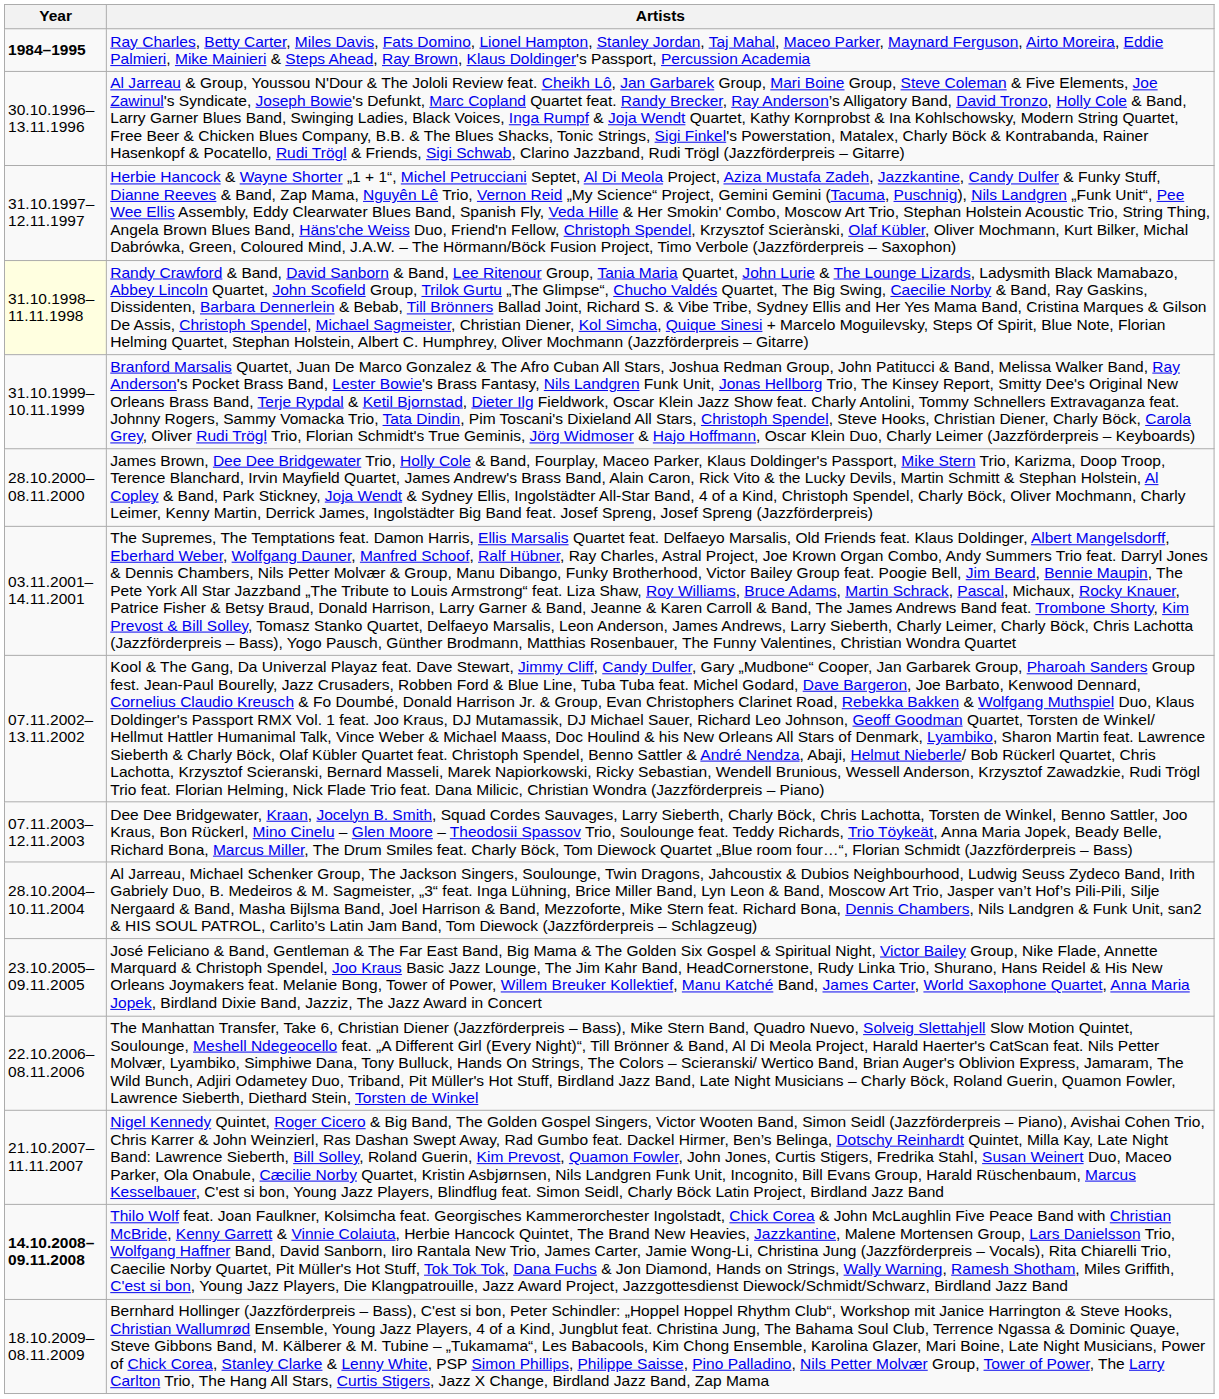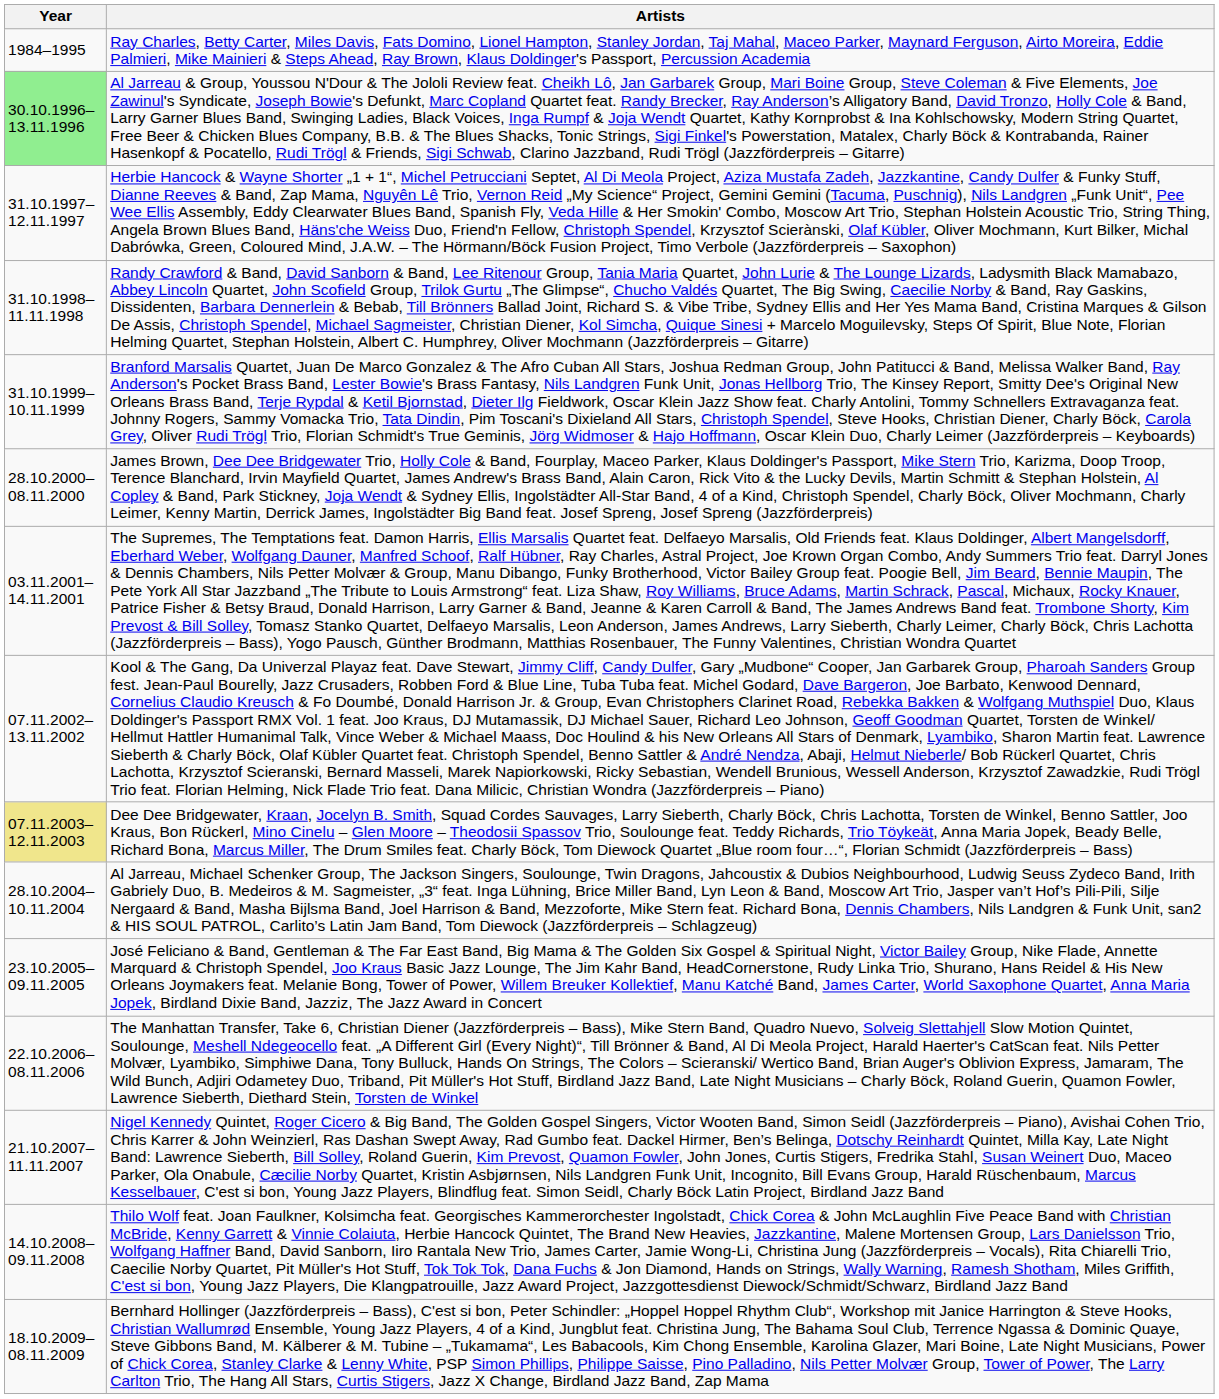 <table class="wikitable">
 <tr class="hintergrundfarbe5">
 <th>Year</th>
 <th>Artists</th>
 </tr>
 <tr>
-<td><strong>1984–1995</strong></td>
+<td>1984–1995</td>
 <td><a href='#'>Ray Charles</a>, <a href='#'>Betty Carter</a>, <a href='#'>Miles Davis</a>, <a href='#'>Fats Domino</a>, <a href='#'>Lionel Hampton</a>, <a href='#'>Stanley Jordan</a>, <a href='#'>Taj Mahal</a>, <a href='#'>Maceo Parker</a>, <a href='#'>Maynard Ferguson</a>, <a href='#'>Airto Moreira</a>, <a href='#'>Eddie Palmieri</a>, <a href='#'>Mike Mainieri</a> & <a href='#'>Steps Ahead</a>, <a href='#'>Ray Brown</a>, <a href='#'>Klaus Doldinger</a>'s Passport, <a href='#'>Percussion Academia</a></td>
 </tr>
 <tr>
-<td>30.10.1996–13.11.1996</td>
+<td style="background: lightgreen;">30.10.1996–13.11.1996</td>
 <td><a href='#'>Al Jarreau</a> & Group, Youssou N'Dour & The Jololi Review feat. <a href='#'>Cheikh Lô</a>, <a href='#'>Jan Garbarek</a> Group, <a href='#'>Mari Boine</a> Group, <a href='#'>Steve Coleman</a> & Five Elements, <a href='#'>Joe Zawinul</a>'s Syndicate, <a href='#'>Joseph Bowie</a>'s Defunkt, <a href='#'>Marc Copland</a> Quartet feat. <a href='#'>Randy Brecker</a>, <a href='#'>Ray Anderson</a>’s Alligatory Band, <a href='#'>David Tronzo</a>, <a href='#'>Holly Cole</a> & Band, Larry Garner Blues Band, Swinging Ladies, Black Voices, <a href='#'>Inga Rumpf</a> & <a href='#'>Joja Wendt</a> Quartet, Kathy Kornprobst & Ina Kohlschowsky, Modern String Quartet, Free Beer & Chicken Blues Company, B.B. & The Blues Shacks, Tonic Strings, <a href='#'>Sigi Finkel</a>'s Powerstation, Matalex, Charly Böck & Kontrabanda, Rainer Hasenkopf & Pocatello, <a href='#'>Rudi Trögl</a> & Friends, <a href='#'>Sigi Schwab</a>, Clarino Jazzband, Rudi Trögl (Jazzförderpreis – Gitarre)</td>
 </tr>
 <tr>
 <td>31.10.1997–12.11.1997</td>
 <td><a href='#'>Herbie Hancock</a> & <a href='#'>Wayne Shorter</a> „1 + 1“, <a href='#'>Michel Petrucciani</a> Septet, <a href='#'>Al Di Meola</a> Project, <a href='#'>Aziza Mustafa Zadeh</a>, <a href='#'>Jazzkantine</a>, <a href='#'>Candy Dulfer</a> & Funky Stuff, <a href='#'>Dianne Reeves</a> & Band, Zap Mama, <a href='#'>Nguyên Lê</a> Trio, <a href='#'>Vernon Reid</a> „My Science“ Project, Gemini Gemini (<a href='#'>Tacuma</a>, <a href='#'>Puschnig</a>), <a href='#'>Nils Landgren</a> „Funk Unit“, <a href='#'>Pee Wee Ellis</a> Assembly, Eddy Clearwater Blues Band, Spanish Fly, <a href='#'>Veda Hille</a> & Her Smokin' Combo, Moscow Art Trio, Stephan Holstein Acoustic Trio, String Thing, Angela Brown Blues Band, <a href='#'>Häns'che Weiss</a> Duo, Friend'n Fellow, <a href='#'>Christoph Spendel</a>, Krzysztof Scierànski, <a href='#'>Olaf Kübler</a>, Oliver Mochmann, Kurt Bilker, Michal Dabrówka, Green, Coloured Mind, J.A.W. – The Hörmann/Böck Fusion Project, Timo Verbole (Jazzförderpreis – Saxophon)</td>
 </tr>
 <tr>
-<td style="background: lightyellow;">31.10.1998–11.11.1998</td>
+<td>31.10.1998–11.11.1998</td>
 <td><a href='#'>Randy Crawford</a> & Band, <a href='#'>David Sanborn</a> & Band, <a href='#'>Lee Ritenour</a> Group, <a href='#'>Tania Maria</a> Quartet, <a href='#'>John Lurie</a> & <a href='#'>The Lounge Lizards</a>, Ladysmith Black Mamabazo, <a href='#'>Abbey Lincoln</a> Quartet, <a href='#'>John Scofield</a> Group, <a href='#'>Trilok Gurtu</a> „The Glimpse“, <a href='#'>Chucho Valdés</a> Quartet, The Big Swing, <a href='#'>Caecilie Norby</a> & Band, Ray Gaskins, Dissidenten, <a href='#'>Barbara Dennerlein</a> & Bebab, <a href='#'>Till Brönners</a> Ballad Joint, Richard S. & Vibe Tribe, Sydney Ellis and Her Yes Mama Band, Cristina Marques & Gilson De Assis, <a href='#'>Christoph Spendel</a>, <a href='#'>Michael Sagmeister</a>, Christian Diener, <a href='#'>Kol Simcha</a>, <a href='#'>Quique Sinesi</a> + Marcelo Moguilevsky, Steps Of Spirit, Blue Note, Florian Helming Quartet, Stephan Holstein, Albert C. Humphrey, Oliver Mochmann (Jazzförderpreis – Gitarre)</td>
 </tr>
 <tr>
 <td>31.10.1999–10.11.1999</td>
 <td><a href='#'>Branford Marsalis</a> Quartet, Juan De Marco Gonzalez & The Afro Cuban All Stars, Joshua Redman Group, John Patitucci & Band, Melissa Walker Band, <a href='#'>Ray Anderson</a>'s Pocket Brass Band, <a href='#'>Lester Bowie</a>'s Brass Fantasy, <a href='#'>Nils Landgren</a> Funk Unit, <a href='#'>Jonas Hellborg</a> Trio, The Kinsey Report, Smitty Dee's Original New Orleans Brass Band, <a href='#'>Terje Rypdal</a> & <a href='#'>Ketil Bjornstad</a>, <a href='#'>Dieter Ilg</a> Fieldwork, Oscar Klein Jazz Show feat. Charly Antolini, Tommy Schnellers Extravaganza feat. Johnny Rogers, Sammy Vomacka Trio, <a href='#'>Tata Dindin</a>, Pim Toscani's Dixieland All Stars, <a href='#'>Christoph Spendel</a>, Steve Hooks, Christian Diener, Charly Böck, <a href='#'>Carola Grey</a>, Oliver <a href='#'>Rudi Trögl</a> Trio, Florian Schmidt's True Geminis, <a href='#'>Jörg Widmoser</a> & <a href='#'>Hajo Hoffmann</a>, Oscar Klein Duo, Charly Leimer (Jazzförderpreis – Keyboards)</td>
 </tr>
 <tr>
 <td>28.10.2000–08.11.2000</td>
 <td>James Brown, <a href='#'>Dee Dee Bridgewater</a> Trio, <a href='#'>Holly Cole</a> & Band, Fourplay, Maceo Parker, Klaus Doldinger's Passport, <a href='#'>Mike Stern</a> Trio, Karizma, Doop Troop, Terence Blanchard, Irvin Mayfield Quartet, James Andrew's Brass Band, Alain Caron, Rick Vito & the Lucky Devils, Martin Schmitt & Stephan Holstein, <a href='#'>Al Copley</a> & Band, Park Stickney, <a href='#'>Joja Wendt</a> & Sydney Ellis, Ingolstädter All-Star Band, 4 of a Kind, Christoph Spendel, Charly Böck, Oliver Mochmann, Charly Leimer, Kenny Martin, Derrick James, Ingolstädter Big Band feat. Josef Spreng, Josef Spreng (Jazzförderpreis)</td>
 </tr>
 <tr>
 <td>03.11.2001–14.11.2001</td>
 <td>The Supremes, The Temptations feat. Damon Harris, <a href='#'>Ellis Marsalis</a> Quartet feat. Delfaeyo Marsalis, Old Friends feat. Klaus Doldinger, <a href='#'>Albert Mangelsdorff</a>, <a href='#'>Eberhard Weber</a>, <a href='#'>Wolfgang Dauner</a>, <a href='#'>Manfred Schoof</a>, <a href='#'>Ralf Hübner</a>, Ray Charles, Astral Project, Joe Krown Organ Combo, Andy Summers Trio feat. Darryl Jones & Dennis Chambers, Nils Petter Molvær & Group, Manu Dibango, Funky Brotherhood, Victor Bailey Group feat. Poogie Bell, <a href='#'>Jim Beard</a>, <a href='#'>Bennie Maupin</a>, The Pete York All Star Jazzband „The Tribute to Louis Armstrong“ feat. Liza Shaw, <a href='#'>Roy Williams</a>, <a href='#'>Bruce Adams</a>, <a href='#'>Martin Schrack</a>, <a href='#'>Pascal</a>, Michaux, <a href='#'>Rocky Knauer</a>, Patrice Fisher & Betsy Braud, Donald Harrison, Larry Garner & Band, Jeanne & Karen Carroll & Band, The James Andrews Band feat. <a href='#'>Trombone Shorty</a>, <a href='#'>Kim Prevost & Bill Solley</a>, Tomasz Stanko Quartet, Delfaeyo Marsalis, Leon Anderson, James Andrews, Larry Sieberth, Charly Leimer, Charly Böck, Chris Lachotta (Jazzförderpreis – Bass), Yogo Pausch, Günther Brodmann, Matthias Rosenbauer, The Funny Valentines, Christian Wondra Quartet</td>
 </tr>
 <tr>
 <td>07.11.2002–13.11.2002</td>
 <td>Kool & The Gang, Da Univerzal Playaz feat. Dave Stewart, <a href='#'>Jimmy Cliff</a>, <a href='#'>Candy Dulfer</a>, Gary „Mudbone“ Cooper, Jan Garbarek Group, <a href='#'>Pharoah Sanders</a> Group fest. Jean-Paul Bourelly, Jazz Crusaders, Robben Ford & Blue Line, Tuba Tuba feat. Michel Godard, <a href='#'>Dave Bargeron</a>, Joe Barbato, Kenwood Dennard, <a href='#'>Cornelius Claudio Kreusch</a> & Fo Doumbé, Donald Harrison Jr. & Group, Evan Christophers Clarinet Road, <a href='#'>Rebekka Bakken</a> & <a href='#'>Wolfgang Muthspiel</a> Duo, Klaus Doldinger's Passport RMX Vol. 1 feat. Joo Kraus, DJ Mutamassik, DJ Michael Sauer, Richard Leo Johnson, <a href='#'>Geoff Goodman</a> Quartet, Torsten de Winkel/ Hellmut Hattler Humanimal Talk, Vince Weber & Michael Maass, Doc Houlind & his New Orleans All Stars of Denmark, <a href='#'>Lyambiko</a>, Sharon Martin feat. Lawrence Sieberth & Charly Böck, Olaf Kübler Quartet feat. Christoph Spendel, Benno Sattler & <a href='#'>André Nendza</a>, Abaji, <a href='#'>Helmut Nieberle</a>/ Bob Rückerl Quartet, Chris Lachotta, Krzysztof Scieranski, Bernard Masseli, Marek Napiorkowski, Ricky Sebastian, Wendell Brunious, Wessell Anderson, Krzysztof Zawadzkie, Rudi Trögl Trio feat. Florian Helming, Nick Flade Trio feat. Dana Milicic, Christian Wondra (Jazzförderpreis – Piano)</td>
 </tr>
 <tr>
-<td>07.11.2003–12.11.2003</td>
+<td style="background: khaki;">07.11.2003–12.11.2003</td>
 <td>Dee Dee Bridgewater, <a href='#'>Kraan</a>, <a href='#'>Jocelyn B. Smith</a>, Squad Cordes Sauvages, Larry Sieberth, Charly Böck, Chris Lachotta, Torsten de Winkel, Benno Sattler, Joo Kraus, Bon Rückerl, <a href='#'>Mino Cinelu</a> – <a href='#'>Glen Moore</a> – <a href='#'>Theodosii Spassov</a> Trio, Soulounge feat. Teddy Richards, <a href='#'>Trio Töykeät</a>, Anna Maria Jopek, Beady Belle, Richard Bona, <a href='#'>Marcus Miller</a>, The Drum Smiles feat. Charly Böck, Tom Diewock Quartet „Blue room four…“, Florian Schmidt (Jazzförderpreis – Bass)</td>
 </tr>
 <tr>
 <td>28.10.2004–10.11.2004</td>
 <td>Al Jarreau, Michael Schenker Group, The Jackson Singers, Soulounge, Twin Dragons, Jahcoustix & Dubios Neighbourhood, Ludwig Seuss Zydeco Band, Irith Gabriely Duo, B. Medeiros & M. Sagmeister, „3“ feat. Inga Lühning, Brice Miller Band, Lyn Leon & Band, Moscow Art Trio, Jasper van’t Hof’s Pili-Pili, Silje Nergaard & Band, Masha Bijlsma Band, Joel Harrison & Band, Mezzoforte, Mike Stern feat. Richard Bona, <a href='#'>Dennis Chambers</a>, Nils Landgren & Funk Unit, san2 & HIS SOUL PATROL, Carlito’s Latin Jam Band, Tom Diewock (Jazzförderpreis – Schlagzeug)</td>
 </tr>
 <tr>
 <td>23.10.2005–09.11.2005</td>
 <td>José Feliciano & Band, Gentleman & The Far East Band, Big Mama & The Golden Six Gospel & Spiritual Night, <a href='#'>Victor Bailey</a> Group, Nike Flade, Annette Marquard & Christoph Spendel, <a href='#'>Joo Kraus</a> Basic Jazz Lounge, The Jim Kahr Band, HeadCornerstone, Rudy Linka Trio, Shurano, Hans Reidel & His New Orleans Joymakers feat. Melanie Bong, Tower of Power, <a href='#'>Willem Breuker Kollektief</a>, <a href='#'>Manu Katché</a> Band, <a href='#'>James Carter</a>, <a href='#'>World Saxophone Quartet</a>, <a href='#'>Anna Maria Jopek</a>, Birdland Dixie Band, Jazziz, The Jazz Award in Concert</td>
 </tr>
 <tr>
 <td>22.10.2006–08.11.2006</td>
 <td>The Manhattan Transfer, Take 6, Christian Diener (Jazzförderpreis – Bass), Mike Stern Band, Quadro Nuevo, <a href='#'>Solveig Slettahjell</a> Slow Motion Quintet, Soulounge, <a href='#'>Meshell Ndegeocello</a> feat. „A Different Girl (Every Night)“, Till Brönner & Band, Al Di Meola Project, Harald Haerter's CatScan feat. Nils Petter Molvær, Lyambiko, Simphiwe Dana, Tony Bulluck, Hands On Strings, The Colors – Scieranski/ Wertico Band, Brian Auger's Oblivion Express, Jamaram, The Wild Bunch, Adjiri Odametey Duo, Triband, Pit Müller's Hot Stuff, Birdland Jazz Band, Late Night Musicians – Charly Böck, Roland Guerin, Quamon Fowler, Lawrence Sieberth, Diethard Stein, <a href='#'>Torsten de Winkel</a></td>
 </tr>
 <tr>
 <td>21.10.2007–11.11.2007</td>
 <td><a href='#'>Nigel Kennedy</a> Quintet, <a href='#'>Roger Cicero</a> & Big Band, The Golden Gospel Singers, Victor Wooten Band, Simon Seidl (Jazzförderpreis – Piano), Avishai Cohen Trio, Chris Karrer & John Weinzierl, Ras Dashan Swept Away, Rad Gumbo feat. Dackel Hirmer, Ben’s Belinga, <a href='#'>Dotschy Reinhardt</a> Quintet, Milla Kay, Late Night Band: Lawrence Sieberth, <a href='#'>Bill Solley</a>, Roland Guerin, <a href='#'>Kim Prevost</a>, <a href='#'>Quamon Fowler</a>, John Jones, Curtis Stigers, Fredrika Stahl, <a href='#'>Susan Weinert</a> Duo, Maceo Parker, Ola Onabule, <a href='#'>Cæcilie Norby</a> Quartet, Kristin Asbjørnsen, Nils Landgren Funk Unit, Incognito, Bill Evans Group, Harald Rüschenbaum, <a href='#'>Marcus Kesselbauer</a>, C'est si bon, Young Jazz Players, Blindflug feat. Simon Seidl, Charly Böck Latin Project, Birdland Jazz Band</td>
 </tr>
 <tr>
-<td><strong>14.10.2008–09.11.2008</strong></td>
+<td>14.10.2008–09.11.2008</td>
 <td><a href='#'>Thilo Wolf</a> feat. Joan Faulkner, Kolsimcha feat. Georgisches Kammerorchester Ingolstadt, <a href='#'>Chick Corea</a> & John McLaughlin Five Peace Band with <a href='#'>Christian McBride</a>, <a href='#'>Kenny Garrett</a> & <a href='#'>Vinnie Colaiuta</a>, Herbie Hancock Quintet, The Brand New Heavies, <a href='#'>Jazzkantine</a>, Malene Mortensen Group, <a href='#'>Lars Danielsson</a> Trio, <a href='#'>Wolfgang Haffner</a> Band, David Sanborn, Iiro Rantala New Trio, James Carter, Jamie Wong-Li, Christina Jung (Jazzförderpreis – Vocals), Rita Chiarelli Trio, Caecilie Norby Quartet, Pit Müller's Hot Stuff, <a href='#'>Tok Tok Tok</a>, <a href='#'>Dana Fuchs</a> & Jon Diamond, Hands on Strings, <a href='#'>Wally Warning</a>, <a href='#'>Ramesh Shotham</a>, Miles Griffith, <a href='#'>C'est si bon</a>, Young Jazz Players, Die Klangpatrouille, Jazz Award Project, Jazzgottesdienst Diewock/Schmidt/Schwarz, Birdland Jazz Band</td>
 </tr>
 <tr>
 <td>18.10.2009–08.11.2009</td>
 <td>Bernhard Hollinger (Jazzförderpreis – Bass), C'est si bon, Peter Schindler: „Hoppel Hoppel Rhythm Club“, Workshop mit Janice Harrington & Steve Hooks, <a href='#'>Christian Wallumrød</a> Ensemble, Young Jazz Players, 4 of a Kind, Jungblut feat. Christina Jung, The Bahama Soul Club, Terrence Ngassa & Dominic Quaye, Steve Gibbons Band, M. Kälberer & M. Tubine – „Tukamama“, Les Babacools, Kim Chong Ensemble, Karolina Glazer, Mari Boine, Late Night Musicians, Power of <a href='#'>Chick Corea</a>, <a href='#'>Stanley Clarke</a> & <a href='#'>Lenny White</a>, PSP <a href='#'>Simon Phillips</a>, <a href='#'>Philippe Saisse</a>, <a href='#'>Pino Palladino</a>, <a href='#'>Nils Petter Molvær</a> Group, <a href='#'>Tower of Power</a>, The <a href='#'>Larry Carlton</a> Trio, The Hang All Stars, <a href='#'>Curtis Stigers</a>, Jazz X Change, Birdland Jazz Band, Zap Mama</td>
 </tr>
 </table>
